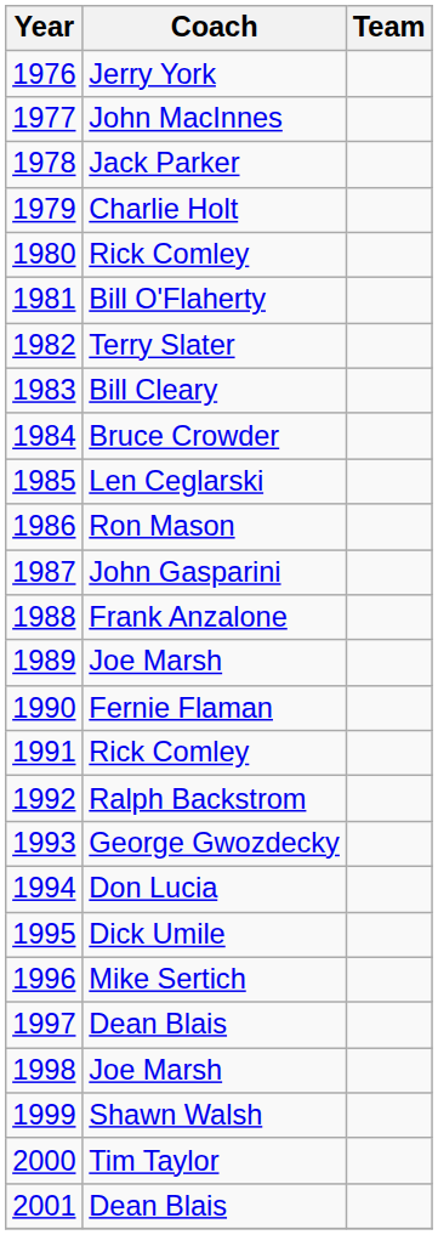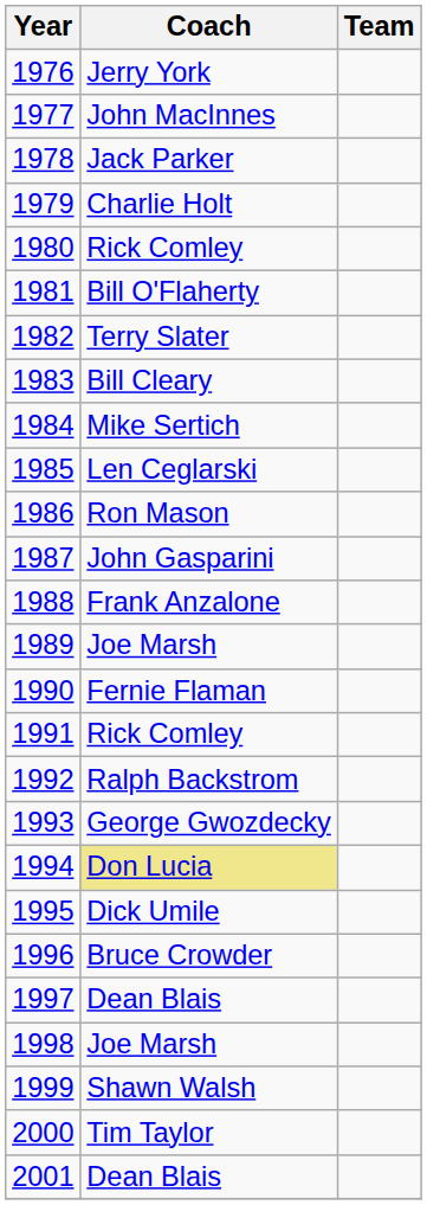 <table class="wikitable">
 <tr>
 <th>Year</th>
 <th>Coach</th>
 <th>Team</th>
 </tr>
 <tr>
 <td align="center"><a href='#'>1976</a></td>
 <td><a href='#'>Jerry York</a></td>
 <td><strong><a href='#'></a></strong></td>
 </tr>
 <tr>
 <td align="center"><a href='#'>1977</a></td>
 <td><a href='#'>John MacInnes</a></td>
 <td><strong><a href='#'></a></strong></td>
 </tr>
 <tr>
 <td align="center"><a href='#'>1978</a></td>
 <td><a href='#'>Jack Parker</a></td>
 <td><strong><a href='#'></a></strong></td>
 </tr>
 <tr>
 <td align="center"><a href='#'>1979</a></td>
 <td><a href='#'>Charlie Holt</a></td>
 <td><strong><a href='#'></a></strong></td>
 </tr>
 <tr>
 <td align="center"><a href='#'>1980</a></td>
 <td><a href='#'>Rick Comley</a></td>
 <td><strong><a href='#'></a></strong></td>
 </tr>
 <tr>
 <td align="center"><a href='#'>1981</a></td>
 <td><a href='#'>Bill O'Flaherty</a></td>
 <td><strong><a href='#'></a></strong></td>
 </tr>
 <tr>
 <td align="center"><a href='#'>1982</a></td>
 <td><a href='#'>Terry Slater</a></td>
 <td><strong><a href='#'></a></strong></td>
 </tr>
 <tr>
 <td align="center"><a href='#'>1983</a></td>
 <td><a href='#'>Bill Cleary</a></td>
 <td><strong><a href='#'></a></strong></td>
 </tr>
 <tr>
 <td align="center"><a href='#'>1984</a></td>
-<td><a href='#'>Bruce Crowder</a></td>
+<td><a href='#'>Mike Sertich</a></td>
 <td><strong><a href='#'></a></strong></td>
 </tr>
 <tr>
 <td align="center"><a href='#'>1985</a></td>
 <td><a href='#'>Len Ceglarski</a></td>
 <td><strong><a href='#'></a></strong></td>
 </tr>
 <tr>
 <td align="center"><a href='#'>1986</a></td>
 <td><a href='#'>Ron Mason</a></td>
 <td><strong><a href='#'></a></strong></td>
 </tr>
 <tr>
 <td align="center"><a href='#'>1987</a></td>
 <td><a href='#'>John Gasparini</a></td>
 <td><strong><a href='#'></a></strong></td>
 </tr>
 <tr>
 <td align="center"><a href='#'>1988</a></td>
 <td><a href='#'>Frank Anzalone</a></td>
 <td><strong><a href='#'></a></strong></td>
 </tr>
 <tr>
 <td align="center"><a href='#'>1989</a></td>
 <td><a href='#'>Joe Marsh</a></td>
 <td><strong><a href='#'></a></strong></td>
 </tr>
 <tr>
 <td align="center"><a href='#'>1990</a></td>
 <td><a href='#'>Fernie Flaman</a></td>
 <td><strong><a href='#'></a></strong></td>
 </tr>
 <tr>
 <td align="center"><a href='#'>1991</a></td>
 <td><a href='#'>Rick Comley</a></td>
 <td><strong><a href='#'></a></strong></td>
 </tr>
 <tr>
 <td align="center"><a href='#'>1992</a></td>
 <td><a href='#'>Ralph Backstrom</a></td>
 <td><strong><a href='#'></a></strong></td>
 </tr>
 <tr>
 <td align="center"><a href='#'>1993</a></td>
 <td><a href='#'>George Gwozdecky</a></td>
 <td><strong><a href='#'></a></strong></td>
 </tr>
 <tr>
 <td align="center"><a href='#'>1994</a></td>
-<td><a href='#'>Don Lucia</a></td>
+<td style="background: khaki;"><a href='#'>Don Lucia</a></td>
 <td><strong><a href='#'></a></strong></td>
 </tr>
 <tr>
 <td align="center"><a href='#'>1995</a></td>
 <td><a href='#'>Dick Umile</a></td>
 <td><strong><a href='#'></a></strong></td>
 </tr>
 <tr>
 <td align="center"><a href='#'>1996</a></td>
-<td><a href='#'>Mike Sertich</a></td>
+<td><a href='#'>Bruce Crowder</a></td>
 <td><strong><a href='#'></a></strong></td>
 </tr>
 <tr>
 <td align="center"><a href='#'>1997</a></td>
 <td><a href='#'>Dean Blais</a></td>
 <td><strong><a href='#'></a></strong></td>
 </tr>
 <tr>
 <td align="center"><a href='#'>1998</a></td>
 <td><a href='#'>Joe Marsh</a></td>
 <td><strong><a href='#'></a></strong></td>
 </tr>
 <tr>
 <td align="center"><a href='#'>1999</a></td>
 <td><a href='#'>Shawn Walsh</a></td>
 <td><strong><a href='#'></a></strong></td>
 </tr>
 <tr>
 <td align="center"><a href='#'>2000</a></td>
 <td><a href='#'>Tim Taylor</a></td>
 <td><strong><a href='#'></a></strong></td>
 </tr>
 <tr>
 <td align="center"><a href='#'>2001</a></td>
 <td><a href='#'>Dean Blais</a></td>
 <td><strong><a href='#'></a></strong></td>
 </tr>
 <tr>
 </tr>
 </table>
